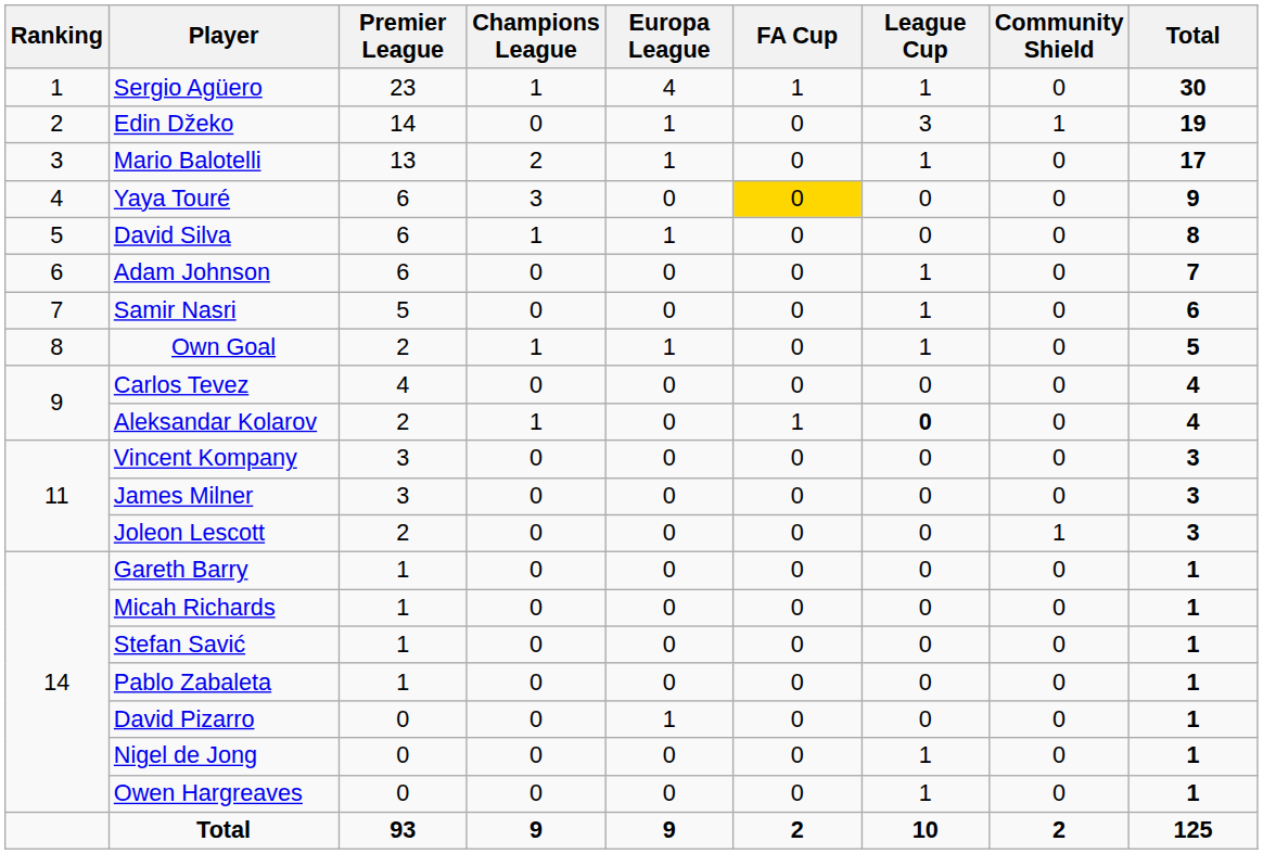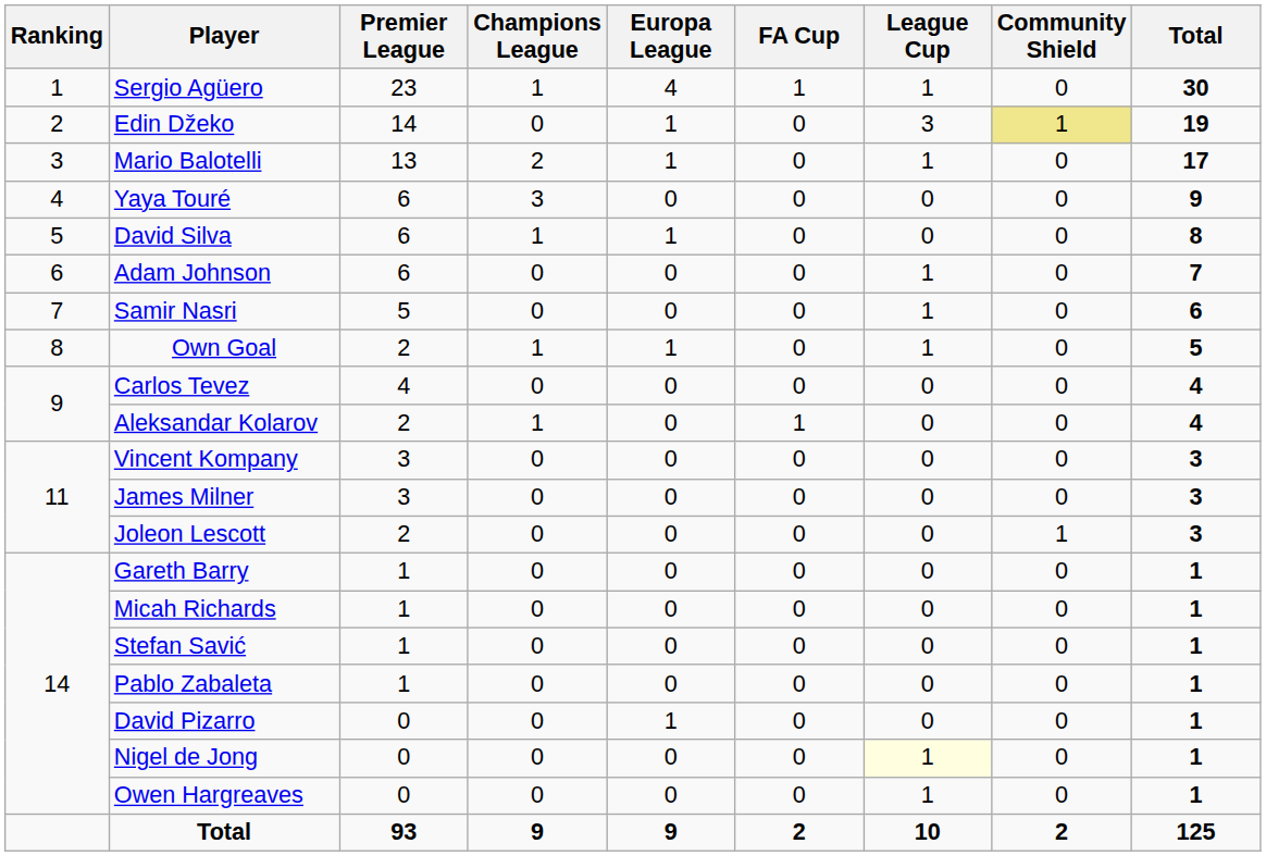 <table class="wikitable sortable" style="text-align:center;">
 <tr>
 <th width=20>Ranking</th>
 <th width=150>Player</th>
 <th width=80>Premier League</th>
 <th width=80>Champions League</th>
 <th width=80>Europa League</th>
 <th width=80>FA Cup</th>
 <th width=80>League Cup</th>
 <th width=80>Community Shield</th>
 <th width=80>Total</th>
 </tr>
 <tr>
 <td>1</td>
 <td align=left><a href='#'>Sergio Agüero</a></td>
 <td>23</td>
 <td>1</td>
 <td>4</td>
 <td>1</td>
 <td>1</td>
 <td>0</td>
 <td><strong>30</strong></td>
 </tr>
 <tr>
 <td>2</td>
 <td align=left><a href='#'>Edin Džeko</a></td>
 <td>14</td>
 <td>0</td>
 <td>1</td>
 <td>0</td>
 <td>3</td>
-<td>1</td>
+<td style="background: khaki;">1</td>
 <td><strong>19</strong></td>
 </tr>
 <tr>
 <td>3</td>
 <td align=left><a href='#'>Mario Balotelli</a></td>
 <td>13</td>
 <td>2</td>
 <td>1</td>
 <td>0</td>
 <td>1</td>
 <td>0</td>
 <td><strong>17</strong></td>
 </tr>
 <tr>
 <td>4</td>
 <td align=left><a href='#'>Yaya Touré</a></td>
 <td>6</td>
 <td>3</td>
 <td>0</td>
-<td style="background: gold;">0</td>
+<td>0</td>
 <td>0</td>
 <td>0</td>
 <td><strong>9</strong></td>
 </tr>
 <tr>
 <td>5</td>
 <td align=left><a href='#'>David Silva</a></td>
 <td>6</td>
 <td>1</td>
 <td>1</td>
 <td>0</td>
 <td>0</td>
 <td>0</td>
 <td><strong>8</strong></td>
 </tr>
 <tr>
 <td>6</td>
 <td align=left><a href='#'>Adam Johnson</a></td>
 <td>6</td>
 <td>0</td>
 <td>0</td>
 <td>0</td>
 <td>1</td>
 <td>0</td>
 <td><strong>7</strong></td>
 </tr>
 <tr>
 <td>7</td>
 <td align=left><a href='#'>Samir Nasri</a></td>
 <td>5</td>
 <td>0</td>
 <td>0</td>
 <td>0</td>
 <td>1</td>
 <td>0</td>
 <td><strong>6</strong></td>
 </tr>
 <tr>
 <td>8</td>
 <td align=center><a href='#'>Own Goal</a></td>
 <td>2</td>
 <td>1</td>
 <td>1</td>
 <td>0</td>
 <td>1</td>
 <td>0</td>
 <td><strong>5</strong></td>
 </tr>
 <tr>
 <td rowspan=2>9</td>
 <td align=left><a href='#'>Carlos Tevez</a></td>
 <td>4</td>
 <td>0</td>
 <td>0</td>
 <td>0</td>
 <td>0</td>
 <td>0</td>
 <td><strong>4</strong></td>
 </tr>
 <tr>
 <td align=left><a href='#'>Aleksandar Kolarov</a></td>
 <td>2</td>
 <td>1</td>
 <td>0</td>
 <td>1</td>
-<td><strong>0</strong></td>
+<td>0</td>
 <td>0</td>
 <td><strong>4</strong></td>
 </tr>
 <tr>
 <td rowspan=3>11</td>
 <td align=left><a href='#'>Vincent Kompany</a></td>
 <td>3</td>
 <td>0</td>
 <td>0</td>
 <td>0</td>
 <td>0</td>
 <td>0</td>
 <td><strong>3</strong></td>
 </tr>
 <tr>
 <td align=left><a href='#'>James Milner</a></td>
 <td>3</td>
 <td>0</td>
 <td>0</td>
 <td>0</td>
 <td>0</td>
 <td>0</td>
 <td><strong>3</strong></td>
 </tr>
 <tr>
 <td align=left><a href='#'>Joleon Lescott</a></td>
 <td>2</td>
 <td>0</td>
 <td>0</td>
 <td>0</td>
 <td>0</td>
 <td>1</td>
 <td><strong>3</strong></td>
 </tr>
 <tr>
 <td rowspan=7>14</td>
 <td align=left><a href='#'>Gareth Barry</a></td>
 <td>1</td>
 <td>0</td>
 <td>0</td>
 <td>0</td>
 <td>0</td>
 <td>0</td>
 <td><strong>1</strong></td>
 </tr>
 <tr>
 <td align=left><a href='#'>Micah Richards</a></td>
 <td>1</td>
 <td>0</td>
 <td>0</td>
 <td>0</td>
 <td>0</td>
 <td>0</td>
 <td><strong>1</strong></td>
 </tr>
 <tr>
 <td align=left><a href='#'>Stefan Savić</a></td>
 <td>1</td>
 <td>0</td>
 <td>0</td>
 <td>0</td>
 <td>0</td>
 <td>0</td>
 <td><strong>1</strong></td>
 </tr>
 <tr>
 <td align=left><a href='#'>Pablo Zabaleta</a></td>
 <td>1</td>
 <td>0</td>
 <td>0</td>
 <td>0</td>
 <td>0</td>
 <td>0</td>
 <td><strong>1</strong></td>
 </tr>
 <tr>
 <td align=left><a href='#'>David Pizarro</a></td>
 <td>0</td>
 <td>0</td>
 <td>1</td>
 <td>0</td>
 <td>0</td>
 <td>0</td>
 <td><strong>1</strong></td>
 </tr>
 <tr>
 <td align=left><a href='#'>Nigel de Jong</a></td>
 <td>0</td>
 <td>0</td>
 <td>0</td>
 <td>0</td>
-<td>1</td>
+<td style="background: lightyellow;">1</td>
 <td>0</td>
 <td><strong>1</strong></td>
 </tr>
 <tr>
 <td align=left><a href='#'>Owen Hargreaves</a></td>
 <td>0</td>
 <td>0</td>
 <td>0</td>
 <td>0</td>
 <td>1</td>
 <td>0</td>
 <td><strong>1</strong></td>
 </tr>
 <tr>
 <td></td>
 <td align=center><strong>Total</strong></td>
 <td><strong>93</strong></td>
 <td><strong>9</strong></td>
 <td><strong>9</strong></td>
 <td><strong>2</strong></td>
 <td><strong>10</strong></td>
 <td><strong>2</strong></td>
 <td><strong>125</strong></td>
 </tr>
 </table>
